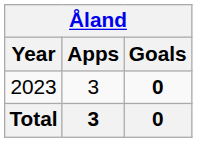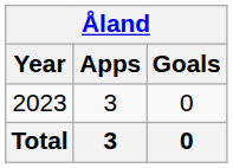 <table class=wikitable style=text-align:center>
 <tr>
 <th colspan=4><a href='#'>Åland</a></th>
 </tr>
 <tr>
 <th>Year</th>
 <th>Apps</th>
 <th>Goals</th>
 </tr>
 <tr>
 <td>2023</td>
 <td>3</td>
-<td><strong>0</strong></td>
+<td>0</td>
 </tr>
 <tr>
 <th colspan=1>Total</th>
 <th>3</th>
 <th>0</th>
 </tr>
 </table>
